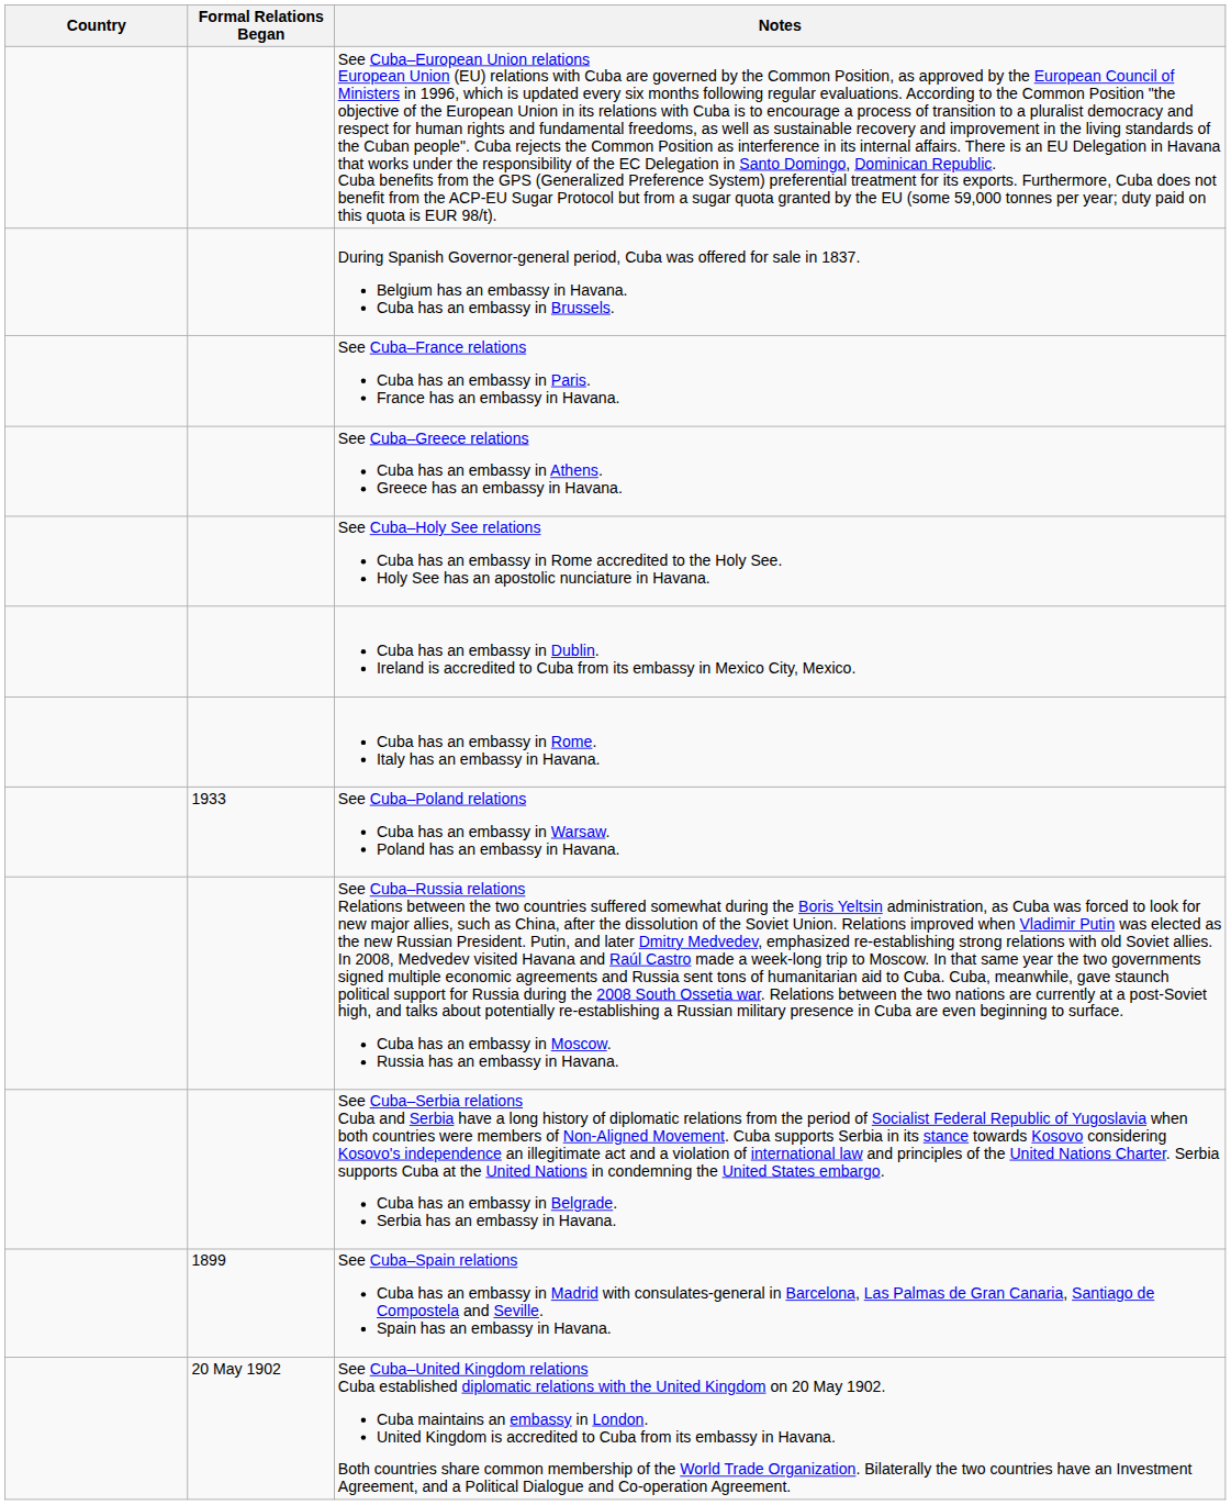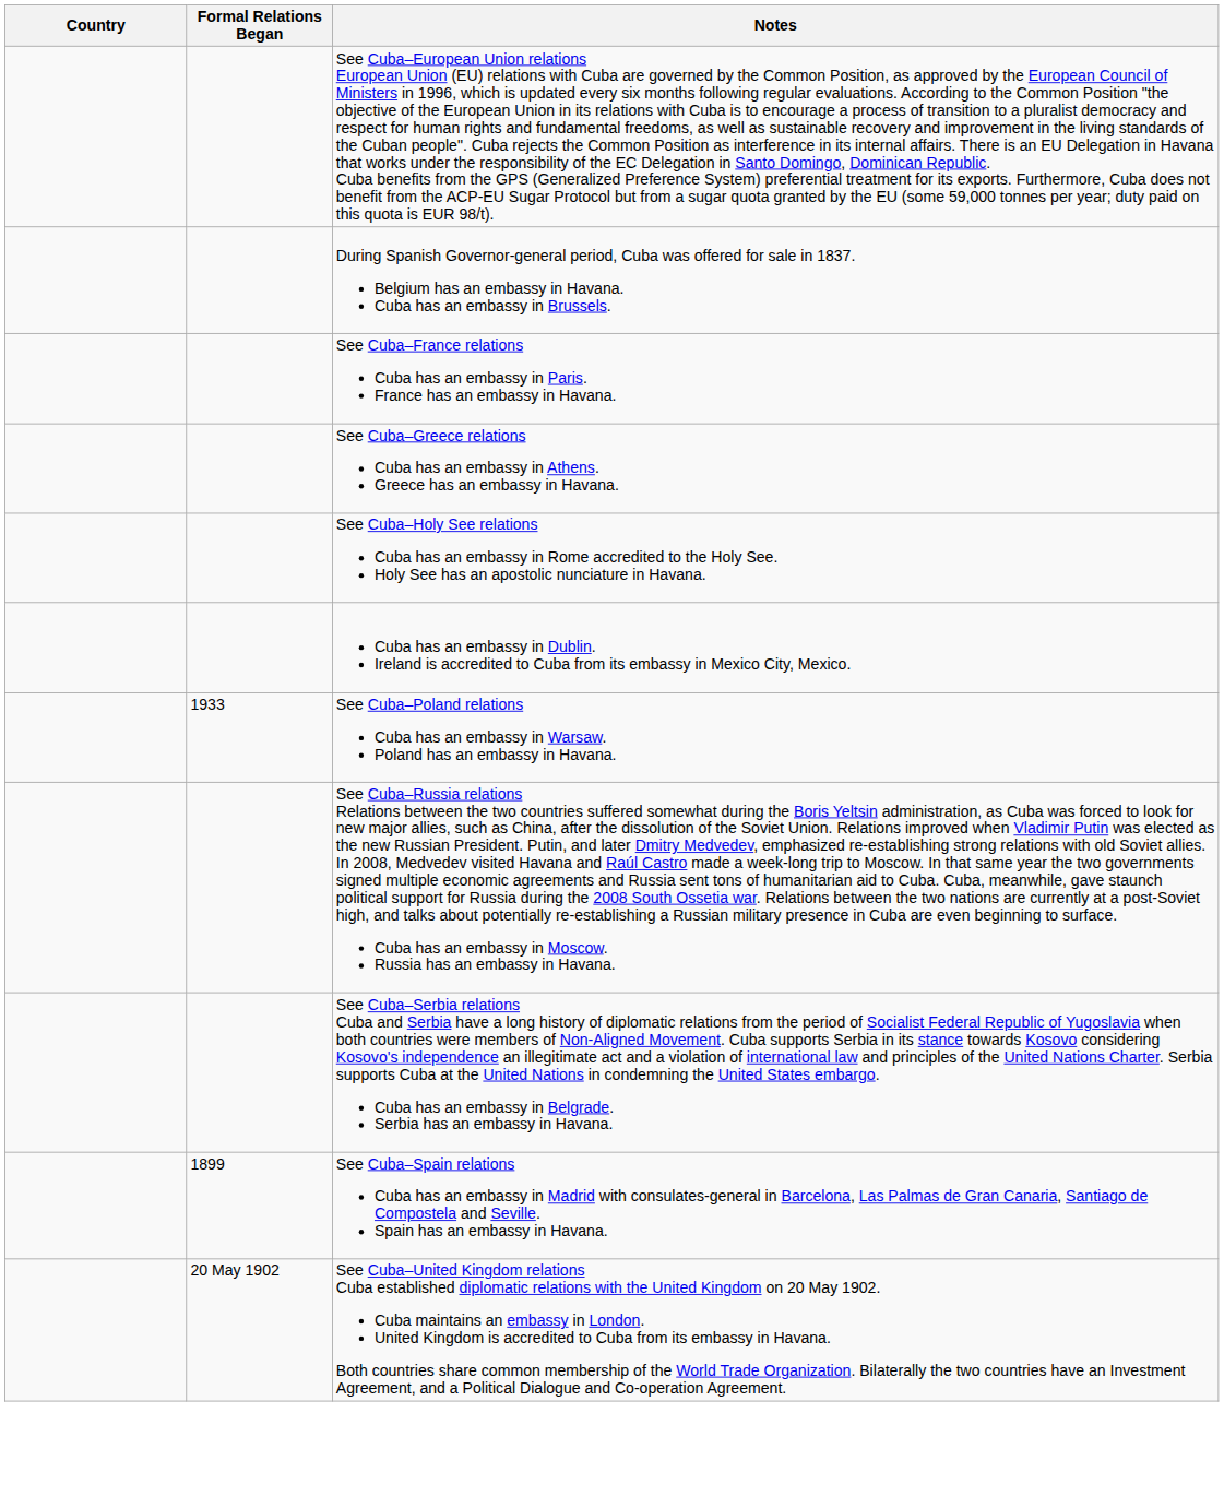 <table class="wikitable sortable" style="width:100%; margin:auto;">
 <tr>
 <th style="width:15%;">Country</th>
 <th style="width:12%;">Formal Relations Began</th>
 <th>Notes</th>
 </tr>
 <tr valign="top">
 <td></td>
 <td></td>
 <td>See <a href='#'>Cuba–European Union relations</a><br><a href='#'>European Union</a> (EU) relations with Cuba are governed by the Common Position, as approved by the <a href='#'>European Council of Ministers</a> in 1996, which is updated every six months following regular evaluations. According to the Common Position "the objective of the European Union in its relations with Cuba is to encourage a process of transition to a pluralist democracy and respect for human rights and fundamental freedoms, as well as sustainable recovery and improvement in the living standards of the Cuban people". Cuba rejects the Common Position as interference in its internal affairs. There is an EU Delegation in Havana that works under the responsibility of the EC Delegation in <a href='#'>Santo Domingo</a>, <a href='#'>Dominican Republic</a>.<br>Cuba benefits from the GPS (Generalized Preference System) preferential treatment for its exports. Furthermore, Cuba does not benefit from the ACP-EU Sugar Protocol but from a sugar quota granted by the EU (some 59,000 tonnes per year; duty paid on this quota is EUR 98/t).</td>
 </tr>
 <tr valign="top">
 <td></td>
 <td></td>
 <td><br>During Spanish Governor-general period, Cuba was offered for sale in 1837.<ul><li>Belgium has an embassy in Havana.</li><li>Cuba has an embassy in <a href='#'>Brussels</a>.</li></ul></td>
 </tr>
 <tr valign="top">
 <td></td>
 <td></td>
 <td>See <a href='#'>Cuba–France relations</a><br><ul><li>Cuba has an embassy in <a href='#'>Paris</a>.</li><li>France has an embassy in Havana.</li></ul></td>
 </tr>
 <tr valign="top">
 <td></td>
 <td></td>
 <td>See <a href='#'>Cuba–Greece relations</a><br><ul><li>Cuba has an embassy in <a href='#'>Athens</a>.</li><li>Greece has an embassy in Havana.</li></ul></td>
 </tr>
 <tr valign="top">
 <td></td>
 <td></td>
 <td>See <a href='#'>Cuba–Holy See relations</a><br><ul><li>Cuba has an embassy in Rome accredited to the Holy See.</li><li>Holy See has an apostolic nunciature in Havana.</li></ul></td>
 </tr>
 <tr valign="top">
 <td></td>
 <td></td>
 <td><br><ul><li>Cuba has an embassy in <a href='#'>Dublin</a>.</li><li>Ireland is accredited to Cuba from its embassy in Mexico City, Mexico.</li></ul></td>
 </tr>
 <tr valign="top">
 <td></td>
-<td></td>
-<td><br><ul><li>Cuba has an embassy in <a href='#'>Rome</a>.</li><li>Italy has an embassy in Havana.</li></ul></td>
-</tr>
-<tr valign="top">
-<td></td>
 <td>1933</td>
 <td>See <a href='#'>Cuba–Poland relations</a><br><ul><li>Cuba has an embassy in <a href='#'>Warsaw</a>.</li><li>Poland has an embassy in Havana.</li></ul></td>
 </tr>
 <tr valign="top">
 <td></td>
 <td></td>
 <td>See <a href='#'>Cuba–Russia relations</a><br>Relations between the two countries suffered somewhat during the <a href='#'>Boris Yeltsin</a> administration, as Cuba was forced to look for new major allies, such as China, after the dissolution of the Soviet Union. Relations improved when <a href='#'>Vladimir Putin</a> was elected as the new Russian President. Putin, and later <a href='#'>Dmitry Medvedev</a>, emphasized re-establishing strong relations with old Soviet allies. In 2008, Medvedev visited Havana and <a href='#'>Raúl Castro</a> made a week-long trip to Moscow. In that same year the two governments signed multiple economic agreements and Russia sent tons of humanitarian aid to Cuba. Cuba, meanwhile, gave staunch political support for Russia during the <a href='#'>2008 South Ossetia war</a>. Relations between the two nations are currently at a post-Soviet high, and talks about potentially re-establishing a Russian military presence in Cuba are even beginning to surface.<ul><li>Cuba has an embassy in <a href='#'>Moscow</a>.</li><li>Russia has an embassy in Havana.</li></ul></td>
 </tr>
 <tr valign="top">
 <td></td>
 <td></td>
 <td>See <a href='#'>Cuba–Serbia relations</a><br>Cuba and <a href='#'>Serbia</a> have a long history of diplomatic relations from the period of <a href='#'>Socialist Federal Republic of Yugoslavia</a> when both countries were members of <a href='#'>Non-Aligned Movement</a>. Cuba supports Serbia in its <a href='#'>stance</a> towards <a href='#'>Kosovo</a> considering <a href='#'>Kosovo's independence</a> an illegitimate act and a violation of <a href='#'>international law</a> and principles of the <a href='#'>United Nations Charter</a>. Serbia supports Cuba at the <a href='#'>United Nations</a> in condemning the <a href='#'>United States embargo</a>.<ul><li>Cuba has an embassy in <a href='#'>Belgrade</a>.</li><li>Serbia has an embassy in Havana.</li></ul></td>
 </tr>
 <tr valign="top">
 <td></td>
 <td>1899</td>
 <td>See <a href='#'>Cuba–Spain relations</a><br><ul><li>Cuba has an embassy in <a href='#'>Madrid</a> with consulates-general in <a href='#'>Barcelona</a>, <a href='#'>Las Palmas de Gran Canaria</a>, <a href='#'>Santiago de Compostela</a> and <a href='#'>Seville</a>.</li><li>Spain has an embassy in Havana.</li></ul></td>
 </tr>
 <tr valign="top">
 <td></td>
 <td>20 May 1902</td>
 <td>See <a href='#'>Cuba–United Kingdom relations</a><br> Cuba established <a href='#'>diplomatic relations with the United Kingdom</a> on 20 May 1902.<ul><li>Cuba maintains an <a href='#'>embassy</a> in <a href='#'>London</a>.</li><li>United Kingdom is accredited to Cuba from its embassy in Havana.</li></ul>Both countries share common membership of the <a href='#'>World Trade Organization</a>. Bilaterally the two countries have an Investment Agreement, and a Political Dialogue and Co-operation Agreement.</td>
 </tr>
 </table>
